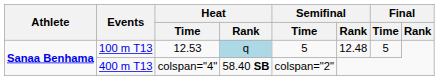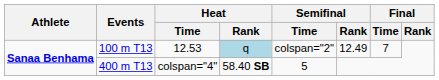 <table class=wikitable style="font-size:90%">
 <tr>
 <th rowspan="2">Athlete</th>
 <th rowspan="2">Events</th>
 <th colspan="2">Heat</th>
 <th colspan="2">Semifinal</th>
 <th colspan="2">Final</th>
 </tr>
 <tr>
 <th>Time</th>
 <th>Rank</th>
 <th>Time</th>
 <th>Rank</th>
 <th>Time</th>
 <th>Rank</th>
 </tr>
 <tr align=center>
 <td align=left rowspan="2"><strong><a href='#'>Sanaa Benhama</a></strong></td>
 <td align=left><a href='#'>100 m T13</a></td>
 <td>12.53</td>
 <td style="background: lightblue;">q</td>
-<td>5</td>
-<td>12.48</td>
-<td>5</td>
+<td>colspan="2" </td>
+<td>12.49</td>
+<td>7</td>
 </tr>
 <tr align=center>
 <td align=left><a href='#'>400 m T13</a></td>
 <td>colspan="4" </td>
 <td>58.40 <strong>SB</strong></td>
-<td>colspan="2" </td>
+<td>5</td>
 </tr>
 </table>
